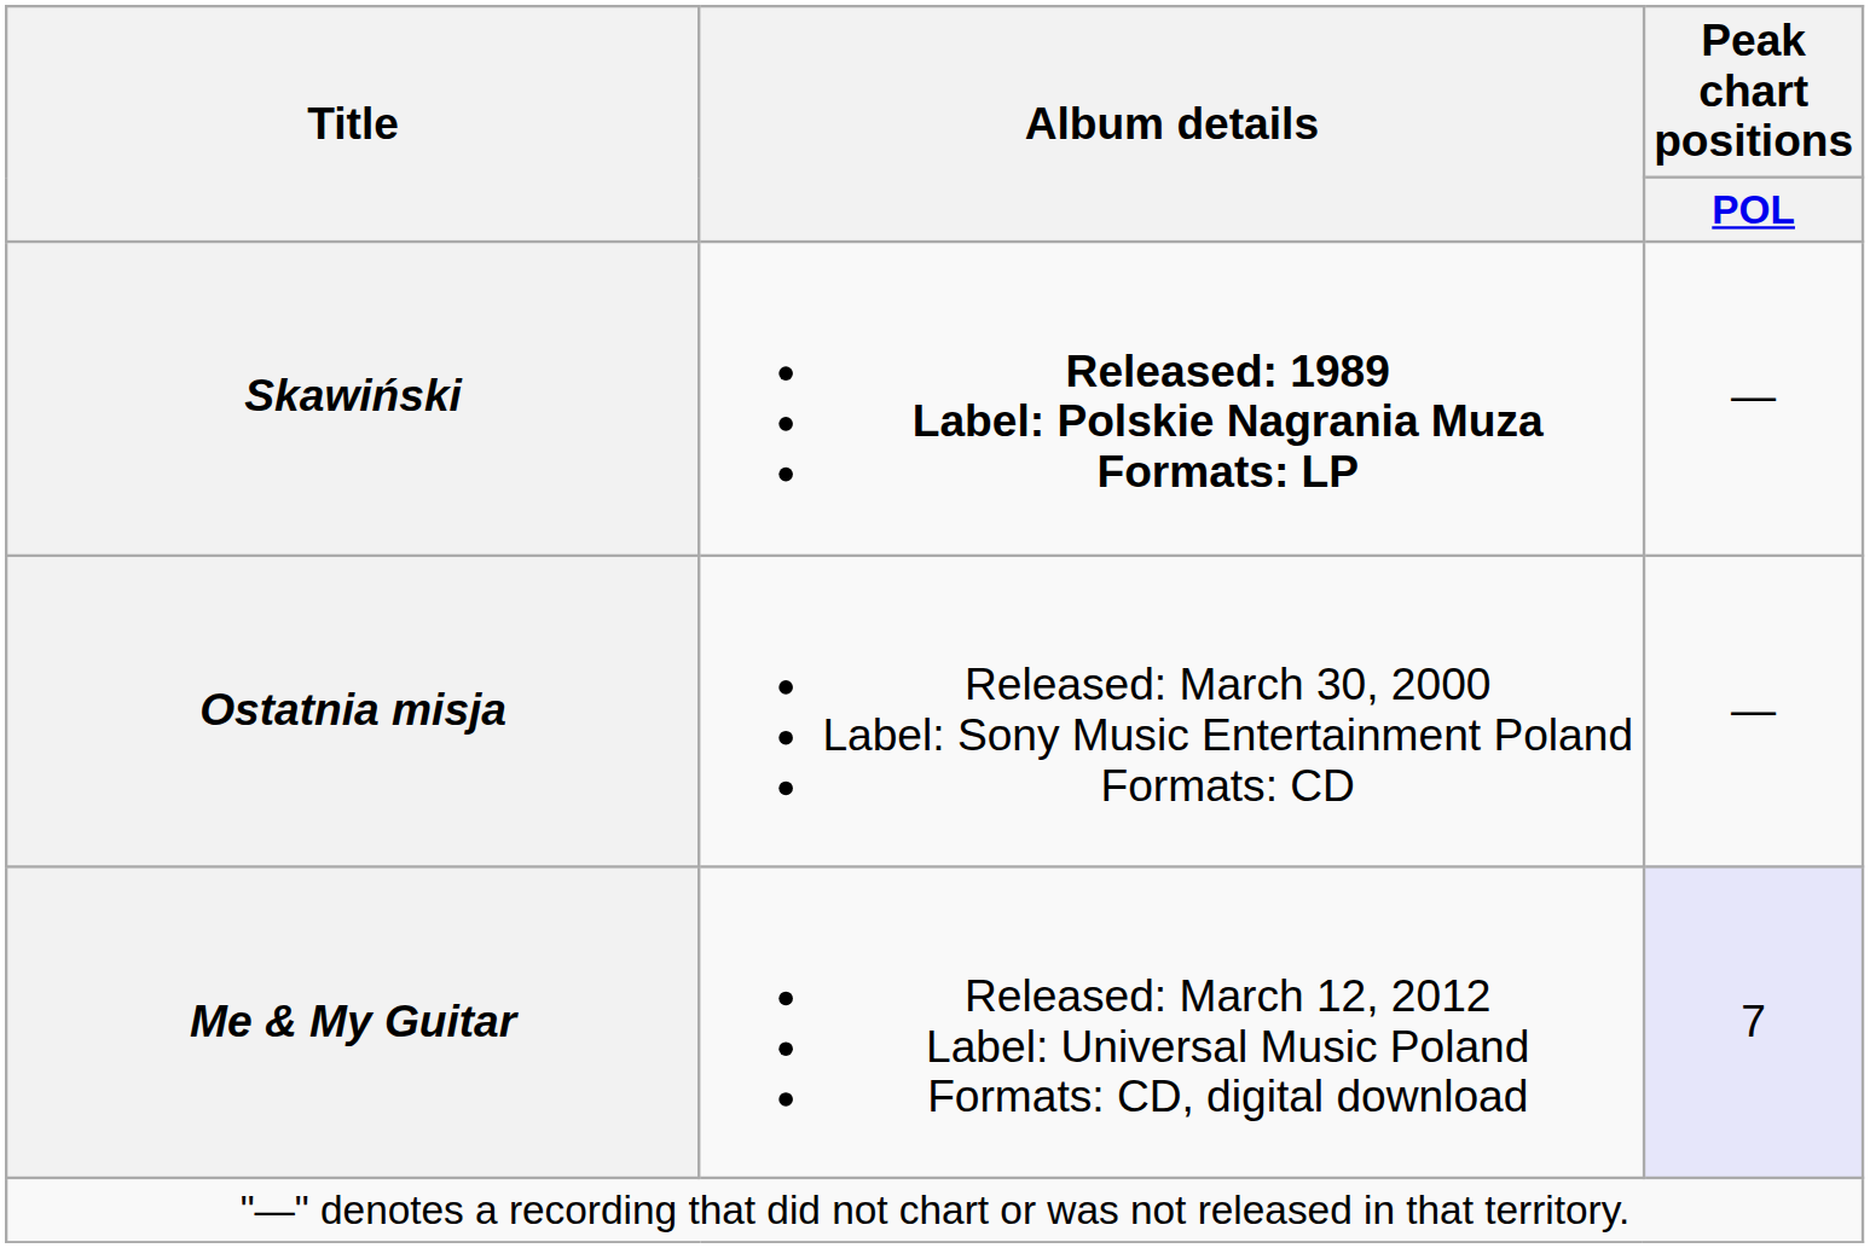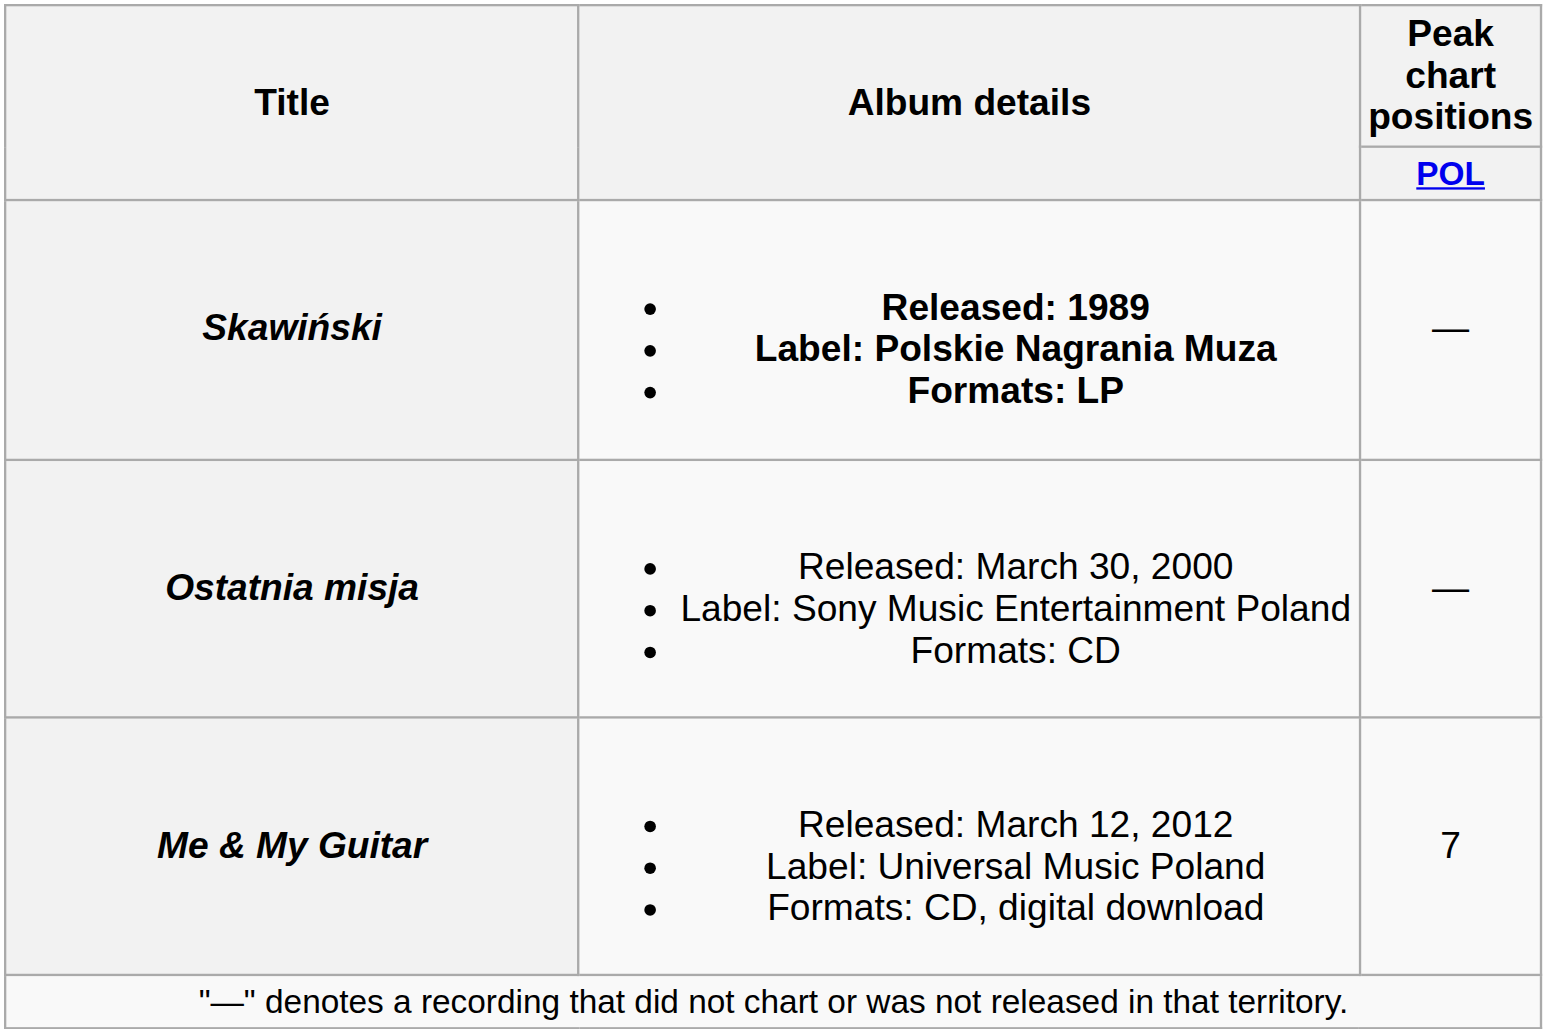 <table class="wikitable plainrowheaders" style="text-align:center;">
 <tr>
 <th scope="col" rowspan="2" style="width:15em;">Title</th>
 <th scope="col" rowspan="2">Album details</th>
 <th scope="col" colspan="1">Peak chart positions</th>
 </tr>
 <tr>
 <th scope="col" style="width:3em;font-size:90%;"><a href='#'>POL</a><br></th>
 </tr>
 <tr>
 <th scope="row"><em>Skawiński</em></th>
 <td><strong><br><ul><li>Released: 1989</li><li>Label: Polskie Nagrania Muza</li><li>Formats: LP</li></ul></strong></td>
 <td>—</td>
 </tr>
 <tr>
 <th scope="row"><em>Ostatnia misja</em></th>
 <td><br><ul><li>Released: March 30, 2000</li><li>Label: Sony Music Entertainment Poland</li><li>Formats: CD</li></ul></td>
 <td>—</td>
 </tr>
 <tr>
 <th scope="row"><em>Me & My Guitar</em></th>
 <td><br><ul><li>Released: March 12, 2012</li><li>Label: Universal Music Poland</li><li>Formats: CD, digital download</li></ul></td>
-<td style="background: lavender;">7</td>
+<td>7</td>
 </tr>
 <tr>
 <td colspan="20" style="font-size:90%">"—" denotes a recording that did not chart or was not released in that territory.</td>
 </tr>
 </table>
